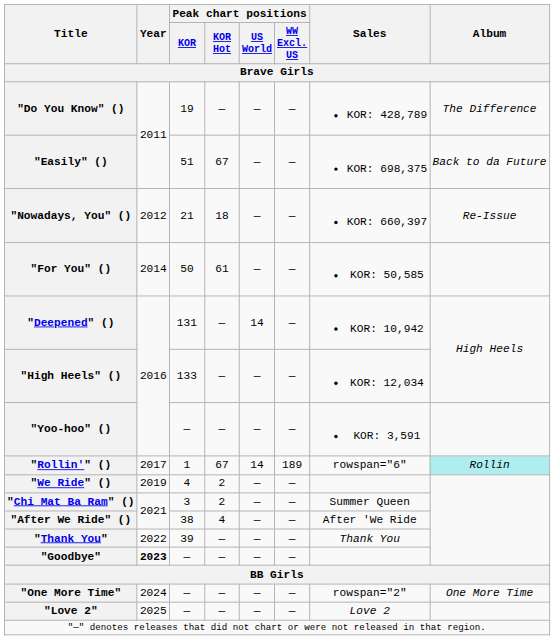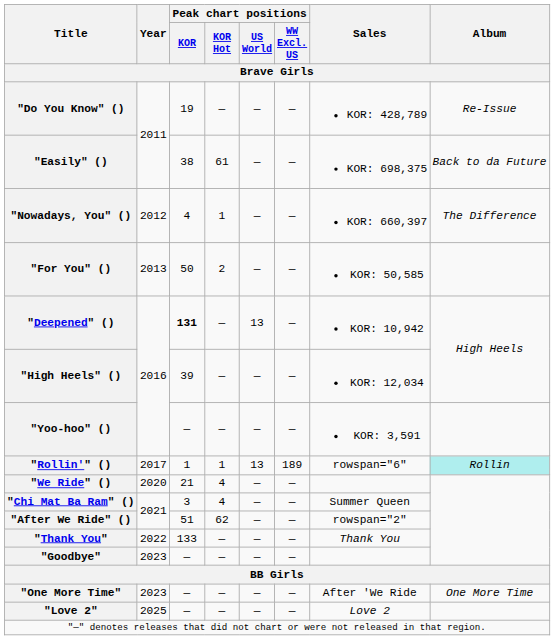 <table class="wikitable plainrowheaders" style="text-align:center" border="1">
 <tr>
 <th scope="col" rowspan="2">Title</th>
 <th scope="col" rowspan="2">Year</th>
 <th scope="col" colspan="4">Peak chart positions</th>
 <th scope="col" rowspan="2">Sales<br></th>
 <th scope="col" rowspan="2">Album</th>
 </tr>
 <tr>
 <th scope="col" style="width:3em;font-size:90%"><a href='#'>KOR</a><br></th>
 <th scope="col" style="width:3em;font-size:90%"><a href='#'>KOR<br>Hot</a><br></th>
 <th scope="col" style="width:3em;font-size:90%"><a href='#'>US<br>World</a><br></th>
 <th scope="col" style="width:3em;font-size:90%"><a href='#'>WW<br>Excl.<br>US</a><br></th>
 </tr>
 <tr>
 <th colspan="8">Brave Girls</th>
 </tr>
 <tr>
 <th scope="row">"Do You Know" ()</th>
 <td rowspan="2">2011</td>
 <td>19</td>
 <td>—</td>
 <td>—</td>
 <td>—</td>
 <td><br><ul><li>KOR: 428,789</li></ul></td>
-<td><em>The Difference</em></td>
+<td><em>Re-Issue</em></td>
 </tr>
 <tr>
 <th scope="row">"Easily" ()<br></th>
-<td>51</td>
-<td>67</td>
+<td>38</td>
+<td>61</td>
 <td>—</td>
 <td>—</td>
 <td><br><ul><li>KOR: 698,375</li></ul></td>
 <td><em>Back to da Future</em></td>
 </tr>
 <tr>
 <th scope="row">"Nowadays, You" ()</th>
 <td>2012</td>
-<td>21</td>
-<td>18</td>
+<td>4</td>
+<td>1</td>
 <td>—</td>
 <td>—</td>
 <td><br><ul><li>KOR: 660,397</li></ul></td>
-<td><em>Re-Issue</em></td>
+<td><em>The Difference</em></td>
 </tr>
 <tr>
 <th scope="row">"For You" ()</th>
-<td>2014</td>
+<td>2013</td>
 <td>50</td>
-<td>61</td>
+<td>2</td>
 <td>—</td>
 <td>—</td>
 <td><br><ul><li>KOR: 50,585</li></ul></td>
 <td></td>
 </tr>
 <tr>
 <th scope="row">"<a href='#'>Deepened</a>" ()</th>
 <td rowspan="3">2016</td>
-<td>131</td>
+<td><strong>131</strong></td>
 <td>—</td>
-<td>14</td>
+<td>13</td>
 <td>—</td>
 <td><br><ul><li>KOR: 10,942</li></ul></td>
 <td rowspan="2"><em>High Heels</em></td>
 </tr>
 <tr>
 <th scope="row">"High Heels" ()</th>
-<td>133</td>
+<td>39</td>
 <td>—</td>
 <td>—</td>
 <td>—</td>
 <td><br><ul><li>KOR: 12,034</li></ul></td>
 </tr>
 <tr>
 <th scope="row">"Yoo-hoo" ()</th>
 <td>—</td>
 <td>—</td>
 <td>—</td>
 <td>—</td>
 <td><br><ul><li>KOR: 3,591</li></ul></td>
 <td></td>
 </tr>
 <tr>
 <th scope="row">"<a href='#'>Rollin'</a>" ()</th>
 <td>2017</td>
 <td>1</td>
-<td>67</td>
-<td>14</td>
+<td>1</td>
+<td>13</td>
 <td>189</td>
 <td>rowspan="6" </td>
 <td style="background: paleturquoise;"><em>Rollin<strong></td>
 </tr>
 <tr>
 <th scope="row">"<a href='#'>We Ride</a>" ()</th>
-<td>2019</td>
+<td>2020</td>
+<td>21</td>
 <td>4</td>
-<td>2</td>
 <td>—</td>
 <td>—</td>
 <td></td>
 </tr>
 <tr>
 <th scope="row">"<a href='#'>Chi Mat Ba Ram</a>" ()</th>
 <td rowspan="2">2021</td>
 <td>3</td>
-<td>2</td>
+<td>4</td>
 <td>—</td>
 <td>—</td>
 <td></em>Summer Queen<em></td>
 </tr>
 <tr>
 <th scope="row">"After We Ride" ()</th>
-<td>38</td>
-<td>4</td>
+<td>51</td>
+<td>62</td>
 <td>—</td>
 <td>—</td>
-<td></em>After 'We Ride</strong></td>
+<td>rowspan="2" </td>
 </tr>
 <tr>
 <th scope="row">"<a href='#'>Thank You</a>"</th>
 <td>2022</td>
-<td>39</td>
+<td>133</td>
 <td>—</td>
 <td>—</td>
 <td>—</td>
 <td><em>Thank You</em></td>
 </tr>
 <tr>
 <th scope="row">"Goodbye"</th>
-<td><strong>2023</strong></td>
+<td>2023</td>
 <td>—</td>
 <td>—</td>
 <td>—</td>
 <td>—</td>
 <td></td>
 </tr>
 <tr>
 <th colspan="9">BB Girls</th>
 </tr>
 <tr>
 <th scope="row">"One More Time"</th>
-<td>2024</td>
+<td>2023</td>
 <td>—</td>
 <td>—</td>
 <td>—</td>
 <td>—</td>
-<td>rowspan="2" </td>
+<td></em>After 'We Ride</strong></td>
 <td><em>One More Time</em></td>
 </tr>
 <tr>
 <th scope="row">"Love 2"</th>
 <td>2025</td>
 <td>—</td>
 <td>—</td>
 <td>—</td>
 <td>—</td>
 <td><em>Love 2</em></td>
 </tr>
 <tr>
 <td colspan="8" style="font-size:8pt">"—" denotes releases that did not chart or were not released in that region.</td>
 </tr>
 </table>
